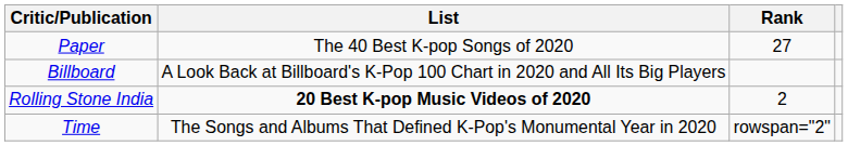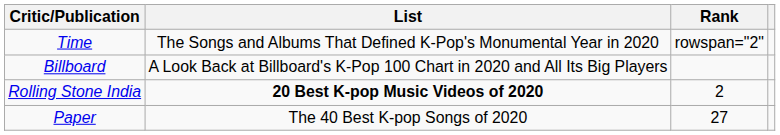 <table class="wikitable sortable" style="text-align:center">
 <tr>
 <th>Critic/Publication</th>
 <th>List</th>
 <th>Rank</th>
 <th class="unsortable"></th>
 </tr>
 <tr>
-<td><em><a href='#'>Paper</a></em></td>
-<td>The 40 Best K-pop Songs of 2020</td>
-<td>27</td>
+<td><a href='#'><em>Time</em></a></td>
+<td>The Songs and Albums That Defined K-Pop's Monumental Year in 2020</td>
+<td>rowspan="2" </td>
 <td style="text-align:center"></td>
 </tr>
 <tr>
 <td><em><a href='#'>Billboard</a></em></td>
 <td>A Look Back at Billboard's K-Pop 100 Chart in 2020 and All Its Big Players</td>
 <td style="text-align:center"></td>
 </tr>
 <tr>
 <td><em><a href='#'>Rolling Stone India</a></em></td>
 <td><strong>20 Best K-pop Music Videos of 2020</strong></td>
 <td>2</td>
 <td style="text-align:center"></td>
 </tr>
 <tr>
-<td><a href='#'><em>Time</em></a></td>
-<td>The Songs and Albums That Defined K-Pop's Monumental Year in 2020</td>
-<td>rowspan="2" </td>
+<td><em><a href='#'>Paper</a></em></td>
+<td>The 40 Best K-pop Songs of 2020</td>
+<td>27</td>
 <td style="text-align:center"></td>
 </tr>
 </table>
